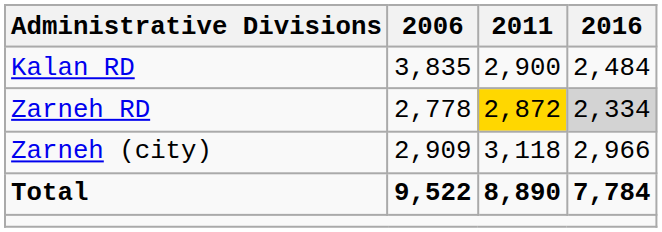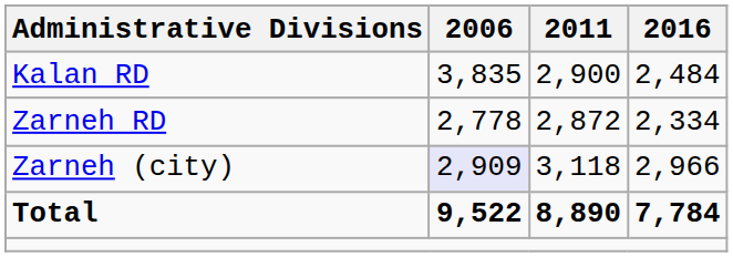 <table class="wikitable">
 <tr>
 <th>Administrative Divisions</th>
 <th>2006</th>
 <th>2011</th>
 <th>2016</th>
 </tr>
 <tr>
 <td><a href='#'>Kalan RD</a></td>
 <td style="text-align: right;">3,835</td>
 <td style="text-align: right;">2,900</td>
 <td style="text-align: right;">2,484</td>
 </tr>
 <tr>
 <td><a href='#'>Zarneh RD</a></td>
 <td style="text-align: right;">2,778</td>
-<td style="background: gold; text-align: right;">2,872</td>
-<td style="background: lightgrey; text-align: right;">2,334</td>
+<td style="text-align: right;">2,872</td>
+<td style="text-align: right;">2,334</td>
 </tr>
 <tr>
 <td><a href='#'>Zarneh</a> (city)</td>
-<td style="text-align: right;">2,909</td>
+<td style="background: lavender; text-align: right;">2,909</td>
 <td style="text-align: right;">3,118</td>
 <td style="text-align: right;">2,966</td>
 </tr>
 <tr>
 <td><strong>Total</strong></td>
 <td style="text-align: right;"><strong>9,522</strong></td>
 <td style="text-align: right;"><strong>8,890</strong></td>
 <td style="text-align: right;"><strong>7,784</strong></td>
 </tr>
 <tr>
 <td colspan=4></td>
 </tr>
 </table>
